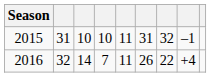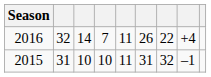 <table class="wikitable" style="text-align:center;">
 <tr>
 <th>Season</th>
 <th></th>
 <th></th>
 <th></th>
 <th></th>
 <th></th>
 <th></th>
 <th></th>
 <th></th>
 </tr>
 <tr>
+<td>2016</td>
+<td>32</td>
+<td>14</td>
+<td>7</td>
+<td>11</td>
+<td>26</td>
+<td>22</td>
+<td>+4</td>
+<td></td>
+</tr>
+<tr>
 <td>2015</td>
 <td>31</td>
 <td>10</td>
 <td>10</td>
 <td>11</td>
 <td>31</td>
 <td>32</td>
 <td>–1</td>
 <td></td>
 </tr>
-<tr>
-<td>2016</td>
-<td>32</td>
-<td>14</td>
-<td>7</td>
-<td>11</td>
-<td>26</td>
-<td>22</td>
-<td>+4</td>
-<td></td>
-</tr>
 </table>
